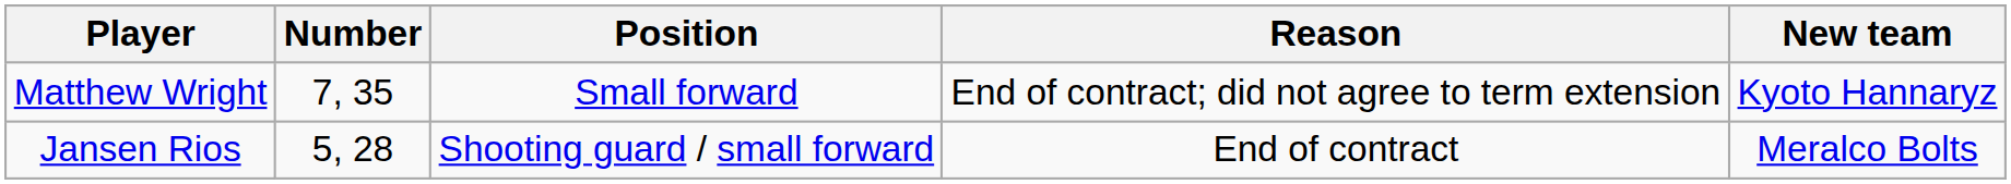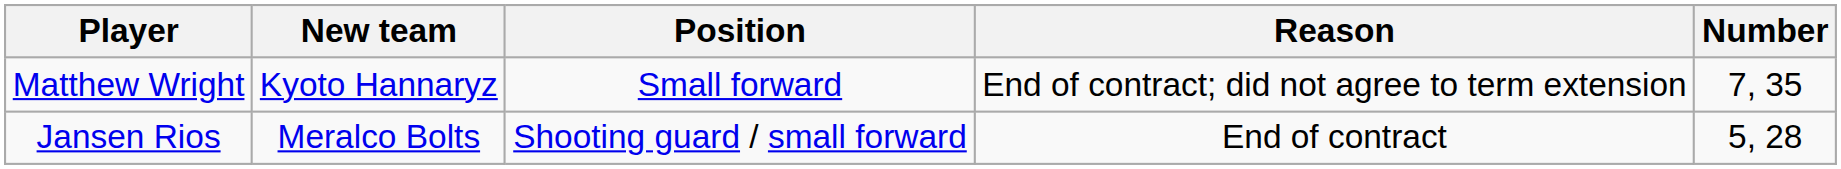 <table class="wikitable sortable sortable">
 <tr>
 <th>Player</th>
-<th>Number</th>
+<th>New team</th>
 <th>Position</th>
 <th>Reason</th>
-<th>New team</th>
+<th>Number</th>
 </tr>
 <tr style="text-align: center">
 <td><a href='#'>Matthew Wright</a></td>
-<td>7, 35</td>
+<td><a href='#'>Kyoto Hannaryz</a></td>
 <td><a href='#'>Small forward</a></td>
 <td>End of contract; did not agree to term extension</td>
-<td><a href='#'>Kyoto Hannaryz</a></td>
+<td>7, 35</td>
 </tr>
 <tr style="text-align: center">
 <td><a href='#'>Jansen Rios</a></td>
-<td>5, 28</td>
+<td><a href='#'>Meralco Bolts</a></td>
 <td><a href='#'>Shooting guard</a> / <a href='#'>small forward</a></td>
 <td>End of contract</td>
-<td><a href='#'>Meralco Bolts</a></td>
+<td>5, 28</td>
 </tr>
 </table>
